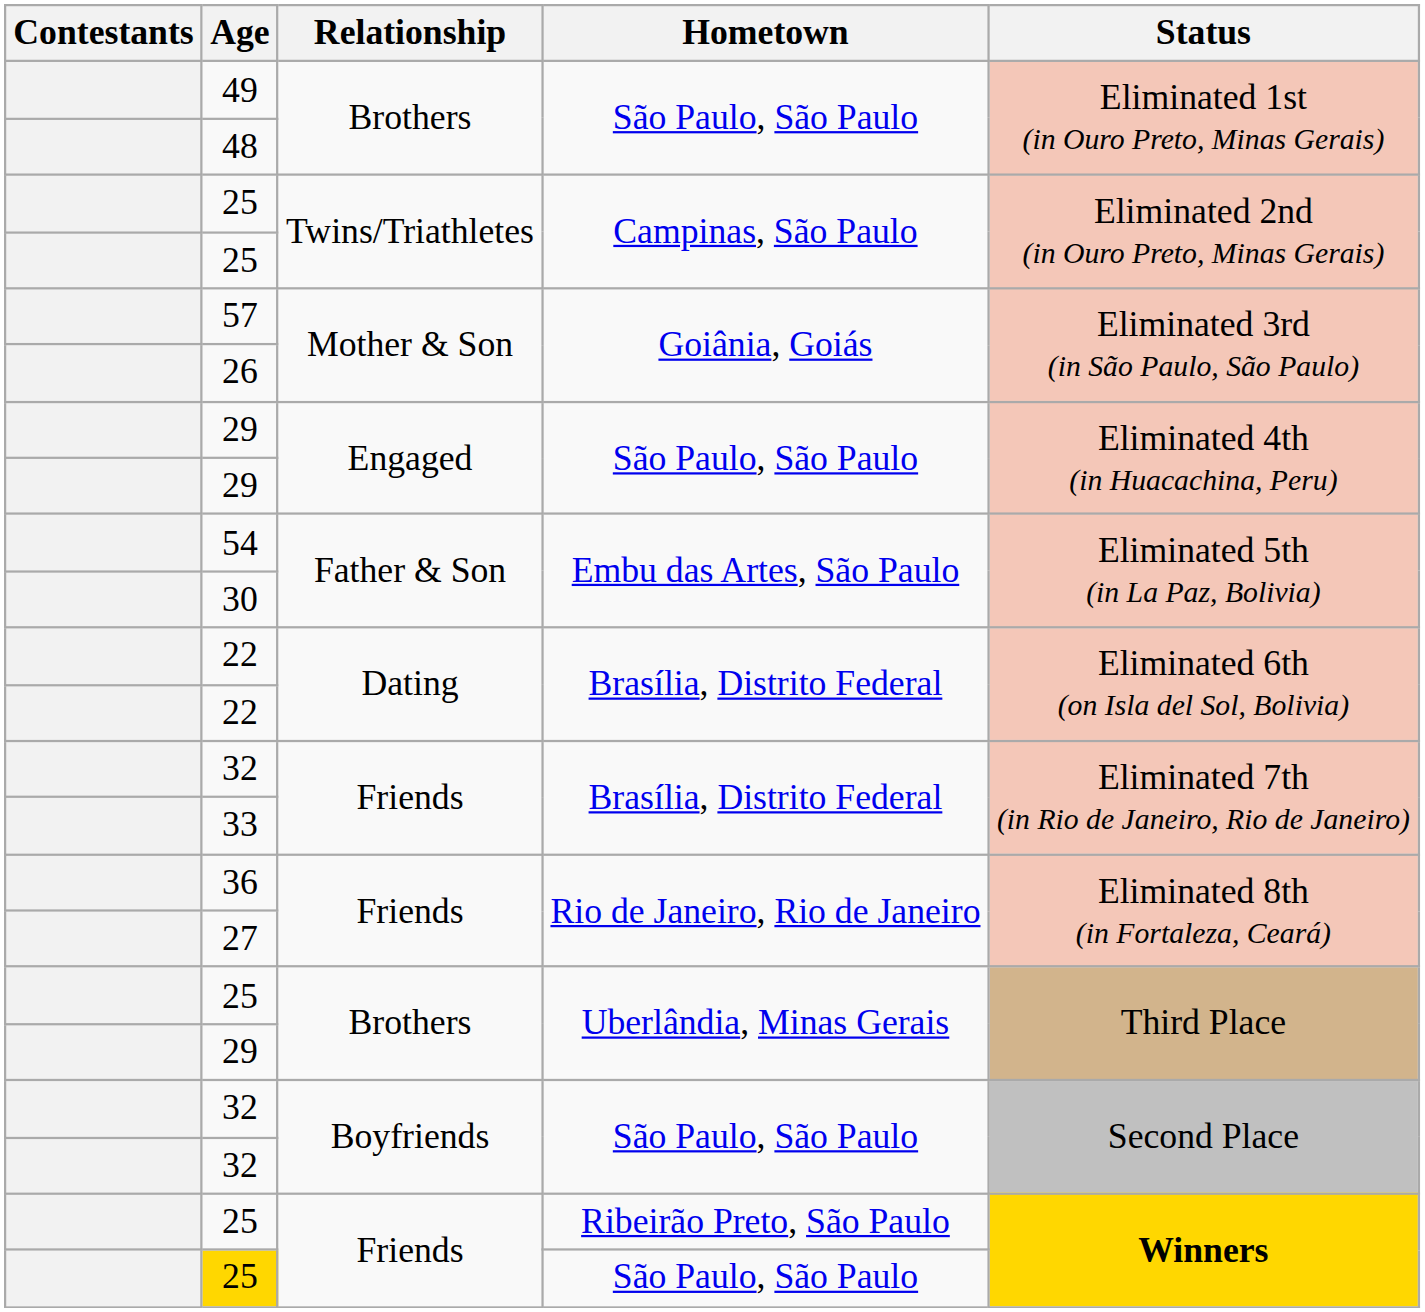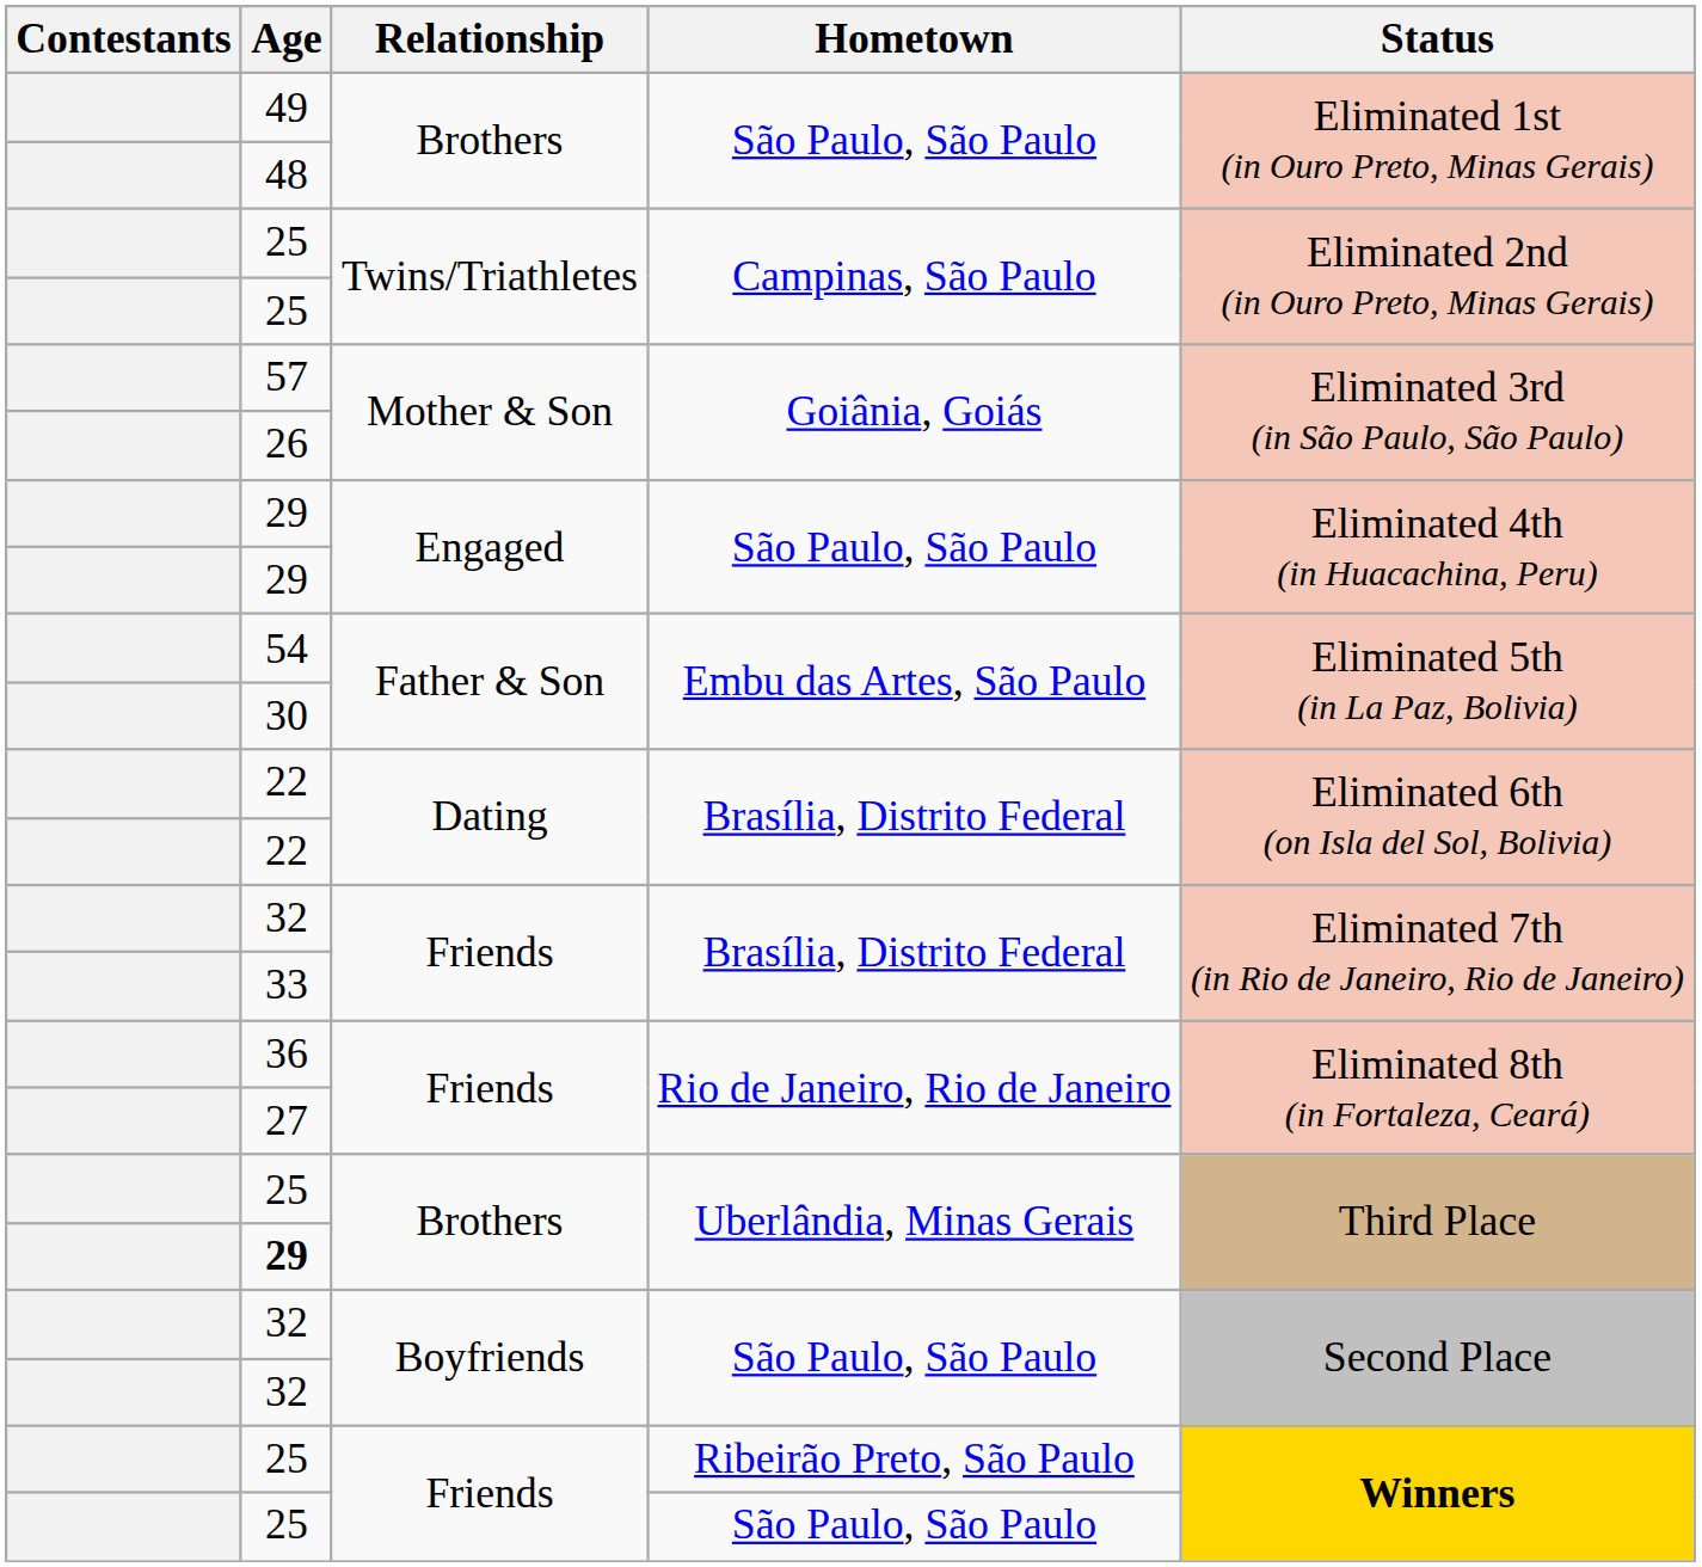 <table class="wikitable sortable" style="text-align:center;">
 <tr>
 <th scope="col">Contestants</th>
 <th scope="col">Age</th>
 <th class="unsortable" scope="col">Relationship</th>
 <th scope="col" class="unsortable">Hometown</th>
 <th scope="col">Status</th>
 </tr>
 <tr>
 <th scope="row"></th>
 <td>49</td>
 <td rowspan="2">Brothers</td>
 <td rowspan="2"><a href='#'>São Paulo</a>, <a href='#'>São Paulo</a></td>
 <td rowspan="2" bgcolor="f4c7b8">Eliminated 1st<br><small><em>(in Ouro Preto, Minas Gerais)</em></small></td>
 </tr>
 <tr>
 <th scope="row"></th>
 <td>48</td>
 </tr>
 <tr>
 <th scope="row"></th>
 <td>25</td>
 <td rowspan="2">Twins/Triathletes</td>
 <td rowspan="2"><a href='#'>Campinas</a>, <a href='#'>São Paulo</a></td>
 <td rowspan="2" bgcolor="f4c7b8">Eliminated 2nd<br><small><em>(in Ouro Preto, Minas Gerais)</em></small></td>
 </tr>
 <tr>
 <th scope="row"></th>
 <td>25</td>
 </tr>
 <tr>
 <th scope="row"></th>
 <td>57</td>
 <td rowspan="2">Mother & Son</td>
 <td rowspan="2"><a href='#'>Goiânia</a>, <a href='#'>Goiás</a></td>
 <td rowspan="2" bgcolor="f4c7b8">Eliminated 3rd<br><small><em>(in São Paulo, São Paulo)</em></small></td>
 </tr>
 <tr>
 <th scope="row"></th>
 <td>26</td>
 </tr>
 <tr>
 <th scope="row"></th>
 <td>29</td>
 <td rowspan="2">Engaged</td>
 <td rowspan="2"><a href='#'>São Paulo</a>, <a href='#'>São Paulo</a></td>
 <td rowspan="2" bgcolor="f4c7b8">Eliminated 4th<br><small><em>(in Huacachina, Peru)</em></small></td>
 </tr>
 <tr>
 <th scope="row"></th>
 <td>29</td>
 </tr>
 <tr>
 <th scope="row"></th>
 <td>54</td>
 <td rowspan="2">Father & Son</td>
 <td rowspan="2"><a href='#'>Embu das Artes</a>, <a href='#'>São Paulo</a></td>
 <td rowspan="2" bgcolor="f4c7b8">Eliminated 5th<br><small><em>(in La Paz, Bolivia)</em></small></td>
 </tr>
 <tr>
 <th scope="row"></th>
 <td>30</td>
 </tr>
 <tr>
 <th scope="row"></th>
 <td>22</td>
 <td rowspan="2">Dating</td>
 <td rowspan="2"><a href='#'>Brasília</a>, <a href='#'>Distrito Federal</a></td>
 <td rowspan="2" bgcolor="f4c7b8">Eliminated 6th<br><small><em>(on Isla del Sol, Bolivia)</em></small></td>
 </tr>
 <tr>
 <th scope="row"></th>
 <td>22</td>
 </tr>
 <tr>
 <th scope="row"></th>
 <td>32</td>
 <td rowspan="2">Friends</td>
 <td rowspan="2"><a href='#'>Brasília</a>, <a href='#'>Distrito Federal</a></td>
 <td rowspan="2" bgcolor="f4c7b8">Eliminated 7th<br><small><em>(in Rio de Janeiro, Rio de Janeiro)</em></small></td>
 </tr>
 <tr>
 <th scope="row"></th>
 <td>33</td>
 </tr>
 <tr>
 <th scope="row"></th>
 <td>36</td>
 <td rowspan="2">Friends</td>
 <td rowspan="2"><a href='#'>Rio de Janeiro</a>, <a href='#'>Rio de Janeiro</a></td>
 <td rowspan="2" bgcolor="f4c7b8">Eliminated 8th<br><small><em>(in Fortaleza, Ceará)</em></small></td>
 </tr>
 <tr>
 <th scope="row"></th>
 <td>27</td>
 </tr>
 <tr>
 <th scope="row"></th>
 <td>25</td>
 <td rowspan="2">Brothers</td>
 <td rowspan="2"><a href='#'>Uberlândia</a>, <a href='#'>Minas Gerais</a></td>
 <td rowspan="2" bgcolor="tan">Third Place</td>
 </tr>
 <tr>
 <th scope="row"></th>
-<td>29</td>
+<td><strong>29</strong></td>
 </tr>
 <tr>
 <th scope="row"></th>
 <td>32</td>
 <td rowspan="2">Boyfriends</td>
 <td rowspan="2"><a href='#'>São Paulo</a>, <a href='#'>São Paulo</a></td>
 <td rowspan="2" bgcolor="silver">Second Place</td>
 </tr>
 <tr>
 <th scope="row"></th>
 <td>32</td>
 </tr>
 <tr>
 <th scope="row"></th>
 <td>25</td>
 <td rowspan="2">Friends</td>
 <td><a href='#'>Ribeirão Preto</a>, <a href='#'>São Paulo</a></td>
 <td rowspan="2" bgcolor="gold"><strong>Winners</strong></td>
 </tr>
 <tr>
 <th scope="row"></th>
-<td style="background: gold;">25</td>
+<td>25</td>
 <td><a href='#'>São Paulo</a>, <a href='#'>São Paulo</a></td>
 </tr>
 </table>
